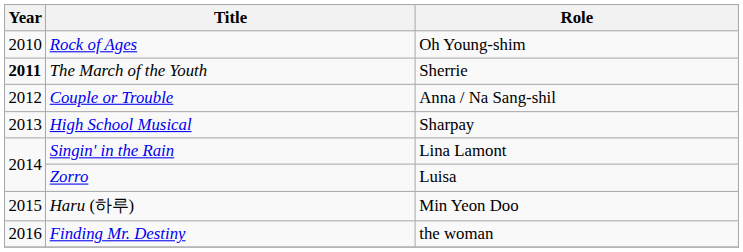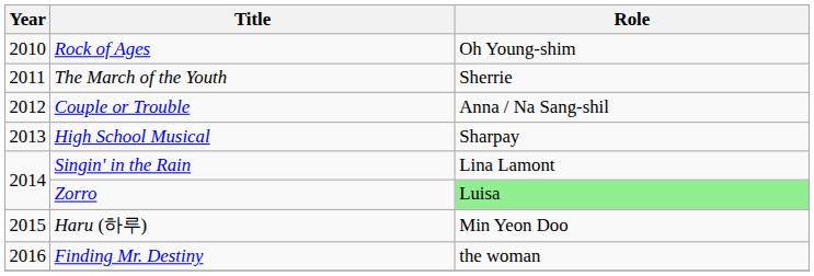 <table class="wikitable" style="width:700px">
 <tr>
 <th width=10>Year</th>
 <th>Title</th>
 <th>Role</th>
 </tr>
 <tr>
 <td>2010</td>
 <td><em><a href='#'>Rock of Ages</a></em></td>
 <td>Oh Young-shim</td>
 </tr>
 <tr>
-<td><strong>2011</strong></td>
+<td>2011</td>
 <td><em>The March of the Youth</em></td>
 <td>Sherrie</td>
 </tr>
 <tr>
 <td>2012</td>
 <td><em><a href='#'>Couple or Trouble</a></em></td>
 <td>Anna / Na Sang-shil</td>
 </tr>
 <tr>
 <td>2013</td>
 <td><em><a href='#'>High School Musical</a></em></td>
 <td>Sharpay</td>
 </tr>
 <tr>
 <td rowspan="2">2014</td>
 <td><em><a href='#'>Singin' in the Rain</a></em></td>
 <td>Lina Lamont</td>
 </tr>
 <tr>
 <td><em><a href='#'>Zorro</a></em></td>
-<td>Luisa</td>
+<td style="background: lightgreen;">Luisa</td>
 </tr>
 <tr>
 <td>2015</td>
 <td><em>Haru</em> (하루)</td>
 <td>Min Yeon Doo</td>
 </tr>
 <tr>
 <td>2016</td>
 <td><em><a href='#'>Finding Mr. Destiny</a></em></td>
 <td>the woman</td>
 </tr>
 <tr>
 </tr>
 </table>
